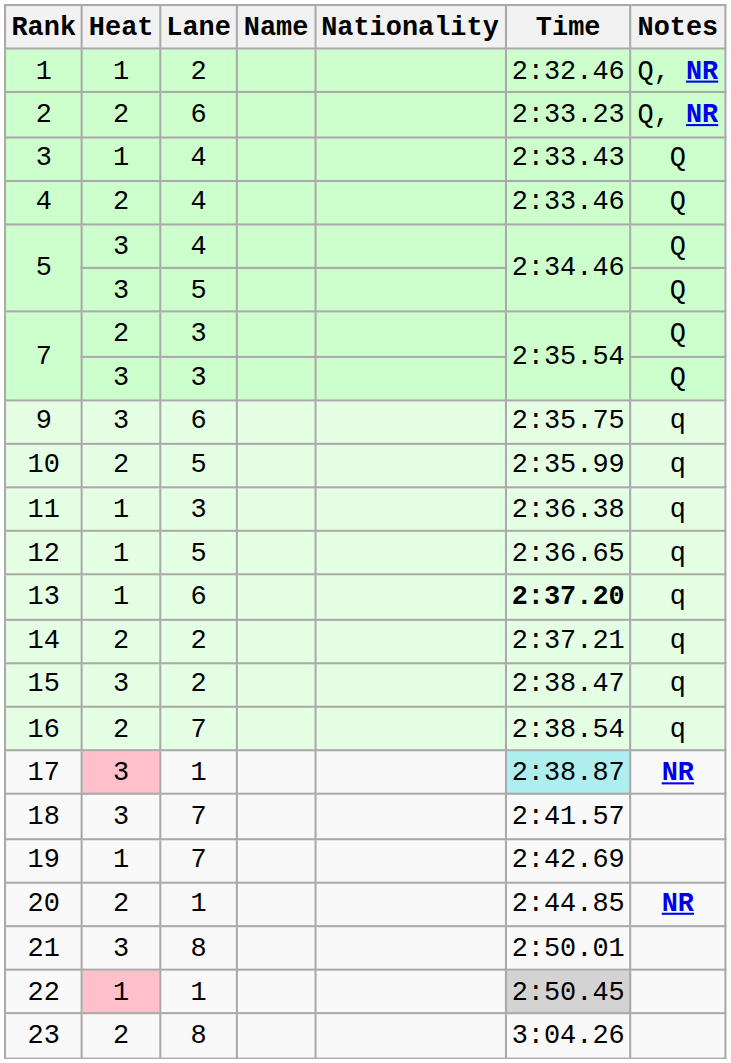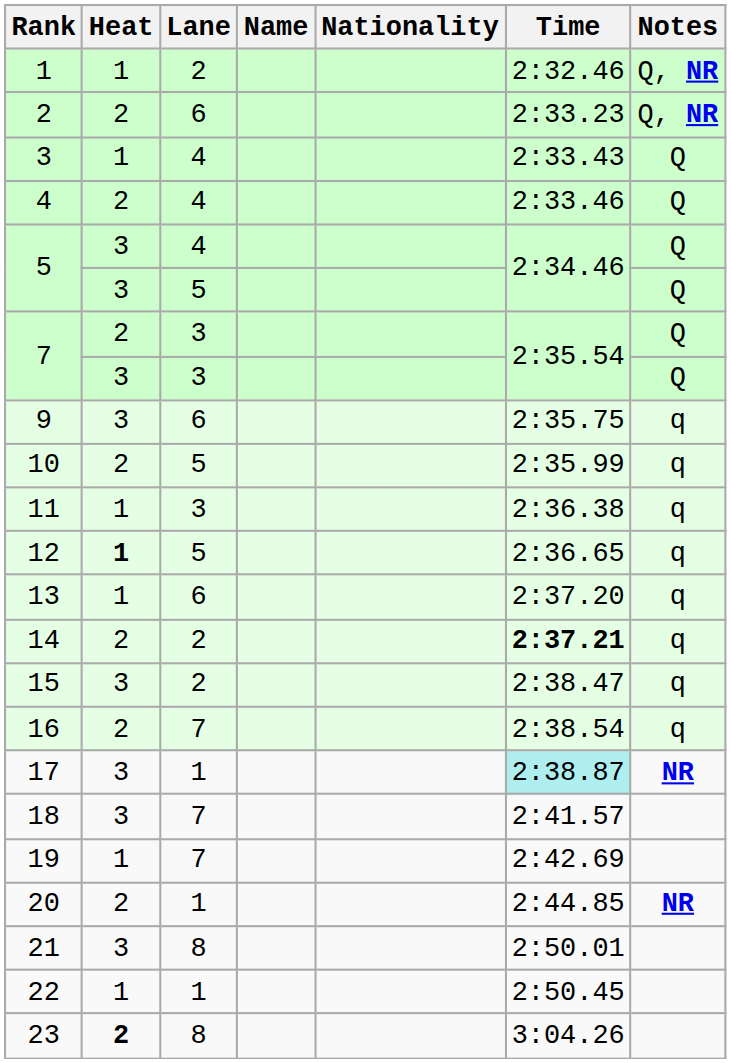 <table class="wikitable sortable" style="text-align:center">
 <tr>
 <th>Rank</th>
 <th>Heat</th>
 <th>Lane</th>
 <th>Name</th>
 <th>Nationality</th>
 <th>Time</th>
 <th>Notes</th>
 </tr>
 <tr bgcolor="#ccffcc">
 <td>1</td>
 <td>1</td>
 <td>2</td>
 <td align="left"></td>
 <td align="left"></td>
 <td>2:32.46</td>
 <td>Q, <strong><a href='#'>NR</a></strong></td>
 </tr>
 <tr bgcolor="#ccffcc">
 <td>2</td>
 <td>2</td>
 <td>6</td>
 <td align="left"></td>
 <td align="left"></td>
 <td>2:33.23</td>
 <td>Q, <strong><a href='#'>NR</a></strong></td>
 </tr>
 <tr bgcolor="#ccffcc">
 <td>3</td>
 <td>1</td>
 <td>4</td>
 <td align="left"></td>
 <td align="left"></td>
 <td>2:33.43</td>
 <td>Q</td>
 </tr>
 <tr bgcolor="#ccffcc">
 <td>4</td>
 <td>2</td>
 <td>4</td>
 <td align="left"></td>
 <td align="left"></td>
 <td>2:33.46</td>
 <td>Q</td>
 </tr>
 <tr bgcolor="#ccffcc">
 <td rowspan=2>5</td>
 <td>3</td>
 <td>4</td>
 <td align="left"></td>
 <td align="left"></td>
 <td rowspan=2>2:34.46</td>
 <td>Q</td>
 </tr>
 <tr bgcolor="#ccffcc">
 <td>3</td>
 <td>5</td>
 <td align="left"></td>
 <td align="left"></td>
 <td>Q</td>
 </tr>
 <tr bgcolor="#ccffcc">
 <td rowspan=2>7</td>
 <td>2</td>
 <td>3</td>
 <td align="left"></td>
 <td align="left"></td>
 <td rowspan=2>2:35.54</td>
 <td>Q</td>
 </tr>
 <tr bgcolor="#ccffcc">
 <td>3</td>
 <td>3</td>
 <td align="left"></td>
 <td align="left"></td>
 <td>Q</td>
 </tr>
 <tr bgcolor=e5ffe5>
 <td>9</td>
 <td>3</td>
 <td>6</td>
 <td align="left"></td>
 <td align="left"></td>
 <td>2:35.75</td>
 <td>q</td>
 </tr>
 <tr bgcolor=e5ffe5>
 <td>10</td>
 <td>2</td>
 <td>5</td>
 <td align="left"></td>
 <td align="left"></td>
 <td>2:35.99</td>
 <td>q</td>
 </tr>
 <tr bgcolor=e5ffe5>
 <td>11</td>
 <td>1</td>
 <td>3</td>
 <td align="left"></td>
 <td align="left"></td>
 <td>2:36.38</td>
 <td>q</td>
 </tr>
 <tr bgcolor=e5ffe5>
 <td>12</td>
-<td>1</td>
+<td><strong>1</strong></td>
 <td>5</td>
 <td align="left"></td>
 <td align="left"></td>
 <td>2:36.65</td>
 <td>q</td>
 </tr>
 <tr bgcolor=e5ffe5>
 <td>13</td>
 <td>1</td>
 <td>6</td>
 <td align="left"></td>
 <td align="left"></td>
-<td><strong>2:37.20</strong></td>
+<td>2:37.20</td>
 <td>q</td>
 </tr>
 <tr bgcolor=e5ffe5>
 <td>14</td>
 <td>2</td>
 <td>2</td>
 <td align="left"></td>
 <td align="left"></td>
-<td>2:37.21</td>
+<td><strong>2:37.21</strong></td>
 <td>q</td>
 </tr>
 <tr bgcolor=e5ffe5>
 <td>15</td>
 <td>3</td>
 <td>2</td>
 <td align="left"></td>
 <td align="left"></td>
 <td>2:38.47</td>
 <td>q</td>
 </tr>
 <tr bgcolor=e5ffe5>
 <td>16</td>
 <td>2</td>
 <td>7</td>
 <td align="left"></td>
 <td align="left"></td>
 <td>2:38.54</td>
 <td>q</td>
 </tr>
 <tr>
 <td>17</td>
-<td style="background: pink;">3</td>
+<td>3</td>
 <td>1</td>
 <td align="left"></td>
 <td align="left"></td>
 <td style="background: paleturquoise;">2:38.87</td>
 <td><strong><a href='#'>NR</a></strong></td>
 </tr>
 <tr>
 <td>18</td>
 <td>3</td>
 <td>7</td>
 <td align="left"></td>
 <td align="left"></td>
 <td>2:41.57</td>
 <td></td>
 </tr>
 <tr>
 <td>19</td>
 <td>1</td>
 <td>7</td>
 <td align="left"></td>
 <td align="left"></td>
 <td>2:42.69</td>
 <td></td>
 </tr>
 <tr>
 <td>20</td>
 <td>2</td>
 <td>1</td>
 <td align="left"></td>
 <td align="left"></td>
 <td>2:44.85</td>
 <td><strong><a href='#'>NR</a></strong></td>
 </tr>
 <tr>
 <td>21</td>
 <td>3</td>
 <td>8</td>
 <td align="left"></td>
 <td align="left"></td>
 <td>2:50.01</td>
 <td></td>
 </tr>
 <tr>
 <td>22</td>
-<td style="background: pink;">1</td>
+<td>1</td>
 <td>1</td>
 <td align="left"></td>
 <td align="left"></td>
-<td style="background: lightgrey;">2:50.45</td>
+<td>2:50.45</td>
 <td></td>
 </tr>
 <tr>
 <td>23</td>
-<td>2</td>
+<td><strong>2</strong></td>
 <td>8</td>
 <td align="left"></td>
 <td align="left"></td>
 <td>3:04.26</td>
 <td></td>
 </tr>
 </table>
